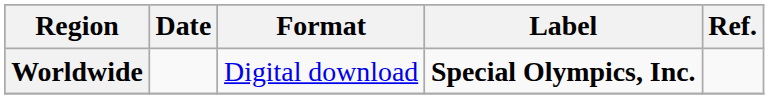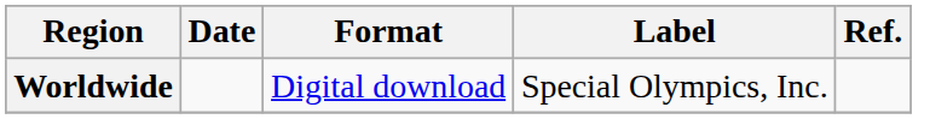 <table class="wikitable plainrowheaders">
 <tr>
 <th scope="col">Region</th>
 <th scope="col">Date</th>
 <th scope="col">Format</th>
 <th scope="col">Label</th>
 <th scope="col">Ref.</th>
 </tr>
 <tr>
 <th scope="row">Worldwide</th>
 <td rowspan="1"></td>
 <td rowspan="1"><a href='#'>Digital download</a></td>
-<td rowspan="1"><strong>Special Olympics, Inc.</strong></td>
+<td rowspan="1">Special Olympics, Inc.</td>
 <td></td>
 </tr>
 <tr>
 </tr>
 </table>
